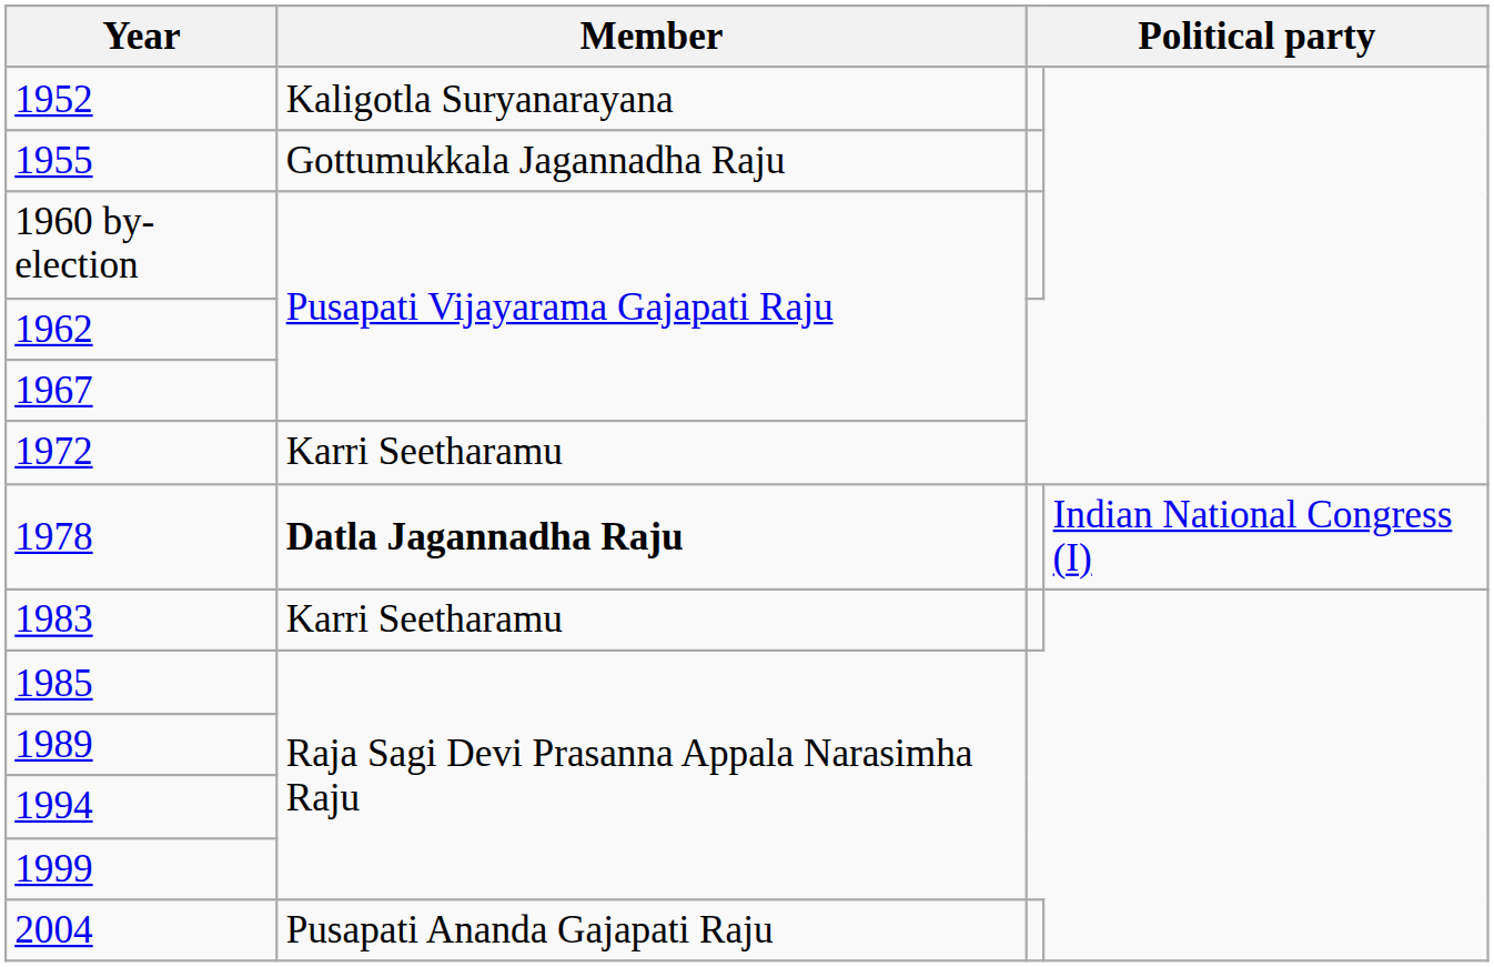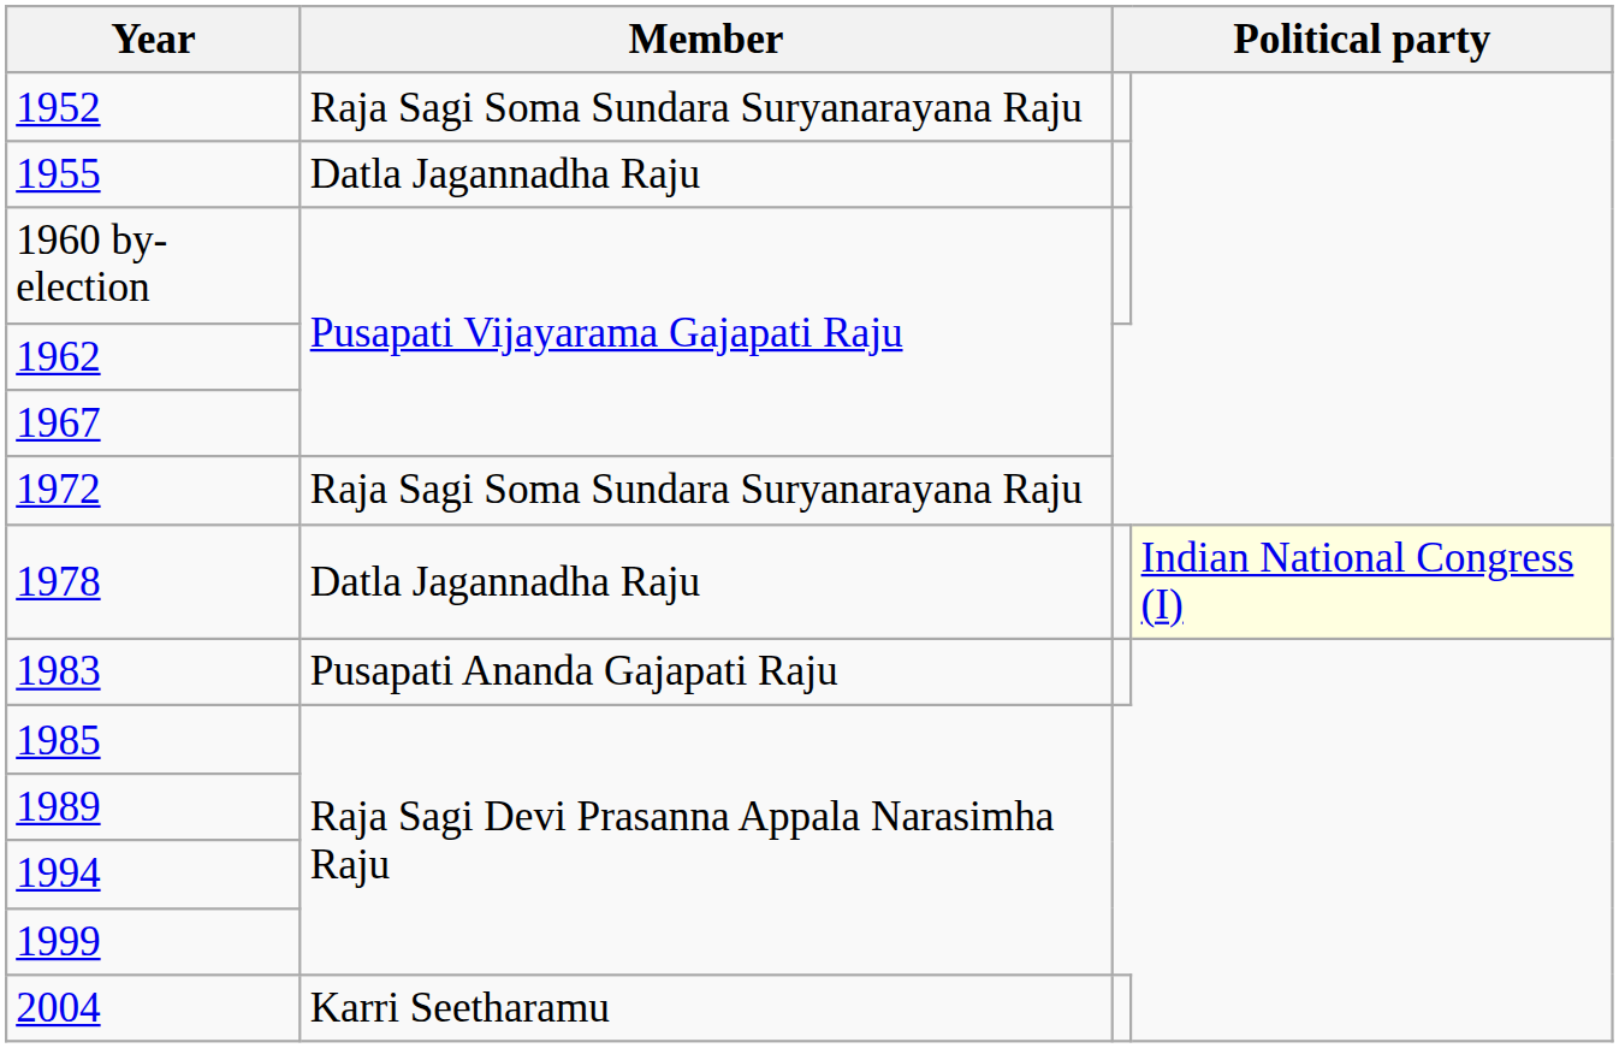 <table class="wikitable sortable">
 <tr>
 <th>Year</th>
 <th>Member</th>
 <th colspan="2">Political party</th>
 </tr>
 <tr>
 <td><a href='#'>1952</a></td>
-<td>Kaligotla Suryanarayana</td>
+<td>Raja Sagi Soma Sundara Suryanarayana Raju</td>
 <td></td>
 </tr>
 <tr>
 <td><a href='#'>1955</a></td>
-<td>Gottumukkala Jagannadha Raju</td>
+<td>Datla Jagannadha Raju</td>
 <td></td>
 </tr>
 <tr>
 <td>1960 by-election</td>
 <td rowspan=3><a href='#'>Pusapati Vijayarama Gajapati Raju</a></td>
 <td></td>
 </tr>
 <tr>
 <td><a href='#'>1962</a></td>
 </tr>
 <tr>
 <td><a href='#'>1967</a></td>
 </tr>
 <tr>
 <td><a href='#'>1972</a></td>
-<td>Karri Seetharamu</td>
+<td>Raja Sagi Soma Sundara Suryanarayana Raju</td>
 </tr>
 <tr>
 <td><a href='#'>1978</a></td>
-<td><strong>Datla Jagannadha Raju</strong></td>
+<td>Datla Jagannadha Raju</td>
 <td style="background-color: "></td>
-<td><a href='#'>Indian National Congress (I)</a></td>
+<td style="background: lightyellow;"><a href='#'>Indian National Congress (I)</a></td>
 </tr>
 <tr>
 <td><a href='#'>1983</a></td>
-<td>Karri Seetharamu</td>
+<td>Pusapati Ananda Gajapati Raju</td>
 <td></td>
 </tr>
 <tr>
 <td><a href='#'>1985</a></td>
 <td rowspan=4>Raja Sagi Devi Prasanna Appala Narasimha Raju</td>
 </tr>
 <tr>
 <td><a href='#'>1989</a></td>
 </tr>
 <tr>
 <td><a href='#'>1994</a></td>
 </tr>
 <tr>
 <td><a href='#'>1999</a></td>
 </tr>
 <tr>
 <td><a href='#'>2004</a></td>
-<td>Pusapati Ananda Gajapati Raju</td>
+<td>Karri Seetharamu</td>
 <td></td>
 </tr>
 </table>
